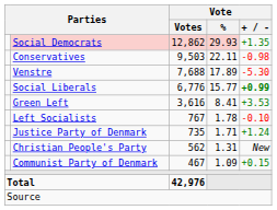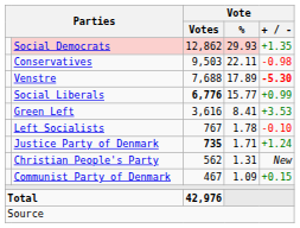 <table class="wikitable" style="text-align:right;">
 <tr>
 <th style="text-align:centre;" rowspan="2" colspan="2" width="225">Parties</th>
 <th colspan="3">Vote</th>
 </tr>
 <tr>
 <th width="15">Votes</th>
 <th width="15">%</th>
 <th width="15">+ / -</th>
 </tr>
 <tr>
 <td width="2" style="color:inherit;background:"></td>
 <td bgcolor=#fbd0ce  align="left"><a href='#'>Social Democrats</a></td>
 <td bgcolor=#fbd0ce>12,862</td>
 <td bgcolor=#fbd0ce>29.93</td>
 <td style=color:green;>+1.35</td>
 </tr>
 <tr>
 <td width="2" style="color:inherit;background:"></td>
 <td align="left"><a href='#'>Conservatives</a></td>
 <td>9,503</td>
 <td>22.11</td>
 <td style=color:red;>-0.98</td>
 </tr>
 <tr>
 <td width="2" style="color:inherit;background:"></td>
 <td align="left"><a href='#'>Venstre</a></td>
 <td>7,688</td>
 <td>17.89</td>
-<td style=color:red;>-5.30</td>
+<td style=color:red;><strong>-5.30</strong></td>
 </tr>
 <tr>
 <td width="2" style="color:inherit;background:"></td>
 <td align="left"><a href='#'>Social Liberals</a></td>
-<td>6,776</td>
+<td><strong>6,776</strong></td>
 <td>15.77</td>
-<td style=color:green;><strong>+0.99</strong></td>
+<td style=color:green;>+0.99</td>
 </tr>
 <tr>
 <td width="2" style="color:inherit;background:"></td>
 <td align="left"><a href='#'>Green Left</a></td>
 <td>3,616</td>
 <td>8.41</td>
 <td style=color:green;>+3.53</td>
 </tr>
 <tr>
 <td width="2" style="color:inherit;background:"></td>
 <td align="left"><a href='#'>Left Socialists</a></td>
 <td>767</td>
 <td>1.78</td>
 <td style=color:red;>-0.10</td>
 </tr>
 <tr>
 <td width="2" style="color:inherit;background:"></td>
 <td align="left"><a href='#'>Justice Party of Denmark</a></td>
-<td>735</td>
+<td><strong>735</strong></td>
 <td>1.71</td>
 <td style=color:green;>+1.24</td>
 </tr>
 <tr>
 <td width="2" style="color:inherit;background:"></td>
 <td align="left"><a href='#'>Christian People's Party</a></td>
 <td>562</td>
 <td>1.31</td>
 <td><em>New</em></td>
 </tr>
 <tr>
 <td width="2" style="color:inherit;background:"></td>
 <td align="left"><a href='#'>Communist Party of Denmark</a></td>
 <td>467</td>
 <td>1.09</td>
 <td style=color:green;>+0.15</td>
 </tr>
 <tr>
 <td colspan="7" bgcolor="#E9E9E9"></td>
 </tr>
 <tr>
 <td align="left" colspan="2"><strong>Total</strong></td>
 <td><strong>42,976</strong></td>
 <td bgcolor="#E9E9E9" colspan="2"></td>
 </tr>
 <tr>
 <td align="left" colspan="6">Source</td>
 </tr>
 </table>
